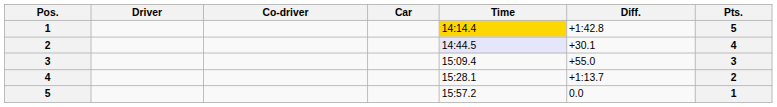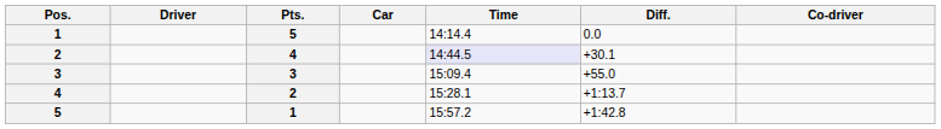 <table class="wikitable" width=80% style="font-size: 85%;">
 <tr>
 <th>Pos.</th>
 <th>Driver</th>
-<th>Co-driver</th>
+<th>Pts.</th>
 <th>Car</th>
 <th>Time</th>
 <th>Diff.</th>
-<th>Pts.</th>
+<th>Co-driver</th>
 </tr>
 <tr>
 <th>1</th>
 <td></td>
+<th>5</th>
 <td></td>
+<td>14:14.4</td>
+<td>0.0</td>
 <td></td>
-<td style="background: gold;">14:14.4</td>
-<td>+1:42.8</td>
-<th>5</th>
 </tr>
 <tr>
 <th>2</th>
 <td></td>
-<td> </td>
+<th>4</th>
 <td></td>
 <td style="background: lavender;">14:44.5</td>
 <td>+30.1</td>
-<th>4</th>
+<td> </td>
 </tr>
 <tr>
 <th>3</th>
 <td></td>
-<td> </td>
+<th>3</th>
 <td></td>
 <td>15:09.4</td>
 <td>+55.0</td>
-<th>3</th>
+<td> </td>
 </tr>
 <tr>
 <th>4</th>
 <td></td>
-<td> </td>
+<th>2</th>
 <td></td>
 <td>15:28.1</td>
 <td>+1:13.7</td>
-<th>2</th>
+<td> </td>
 </tr>
 <tr>
 <th>5</th>
 <td></td>
-<td> </td>
+<th>1</th>
 <td></td>
 <td>15:57.2</td>
-<td>0.0</td>
-<th>1</th>
+<td>+1:42.8</td>
+<td> </td>
 </tr>
 </table>
